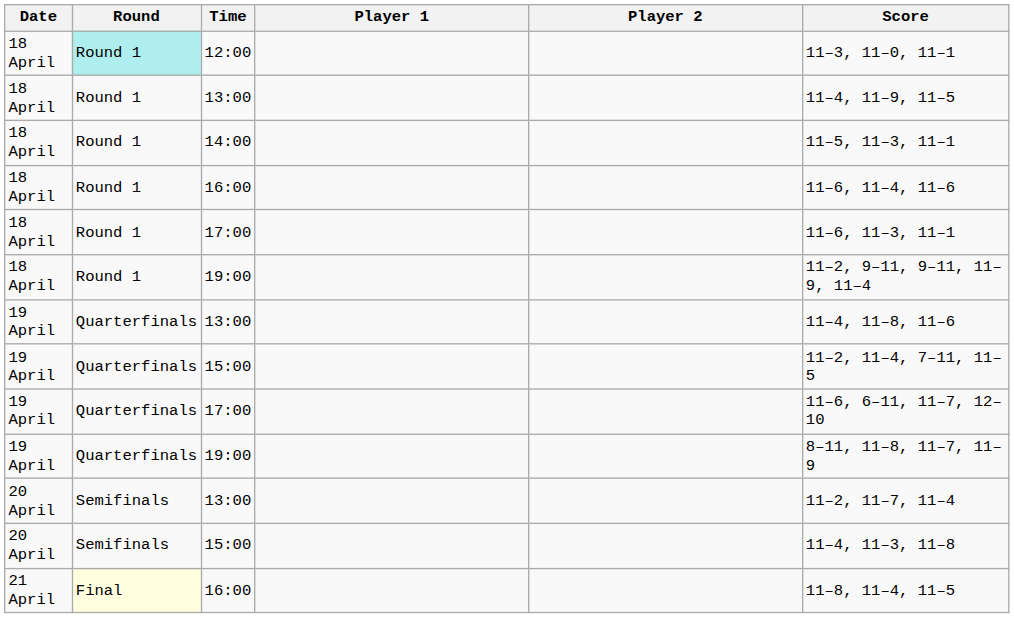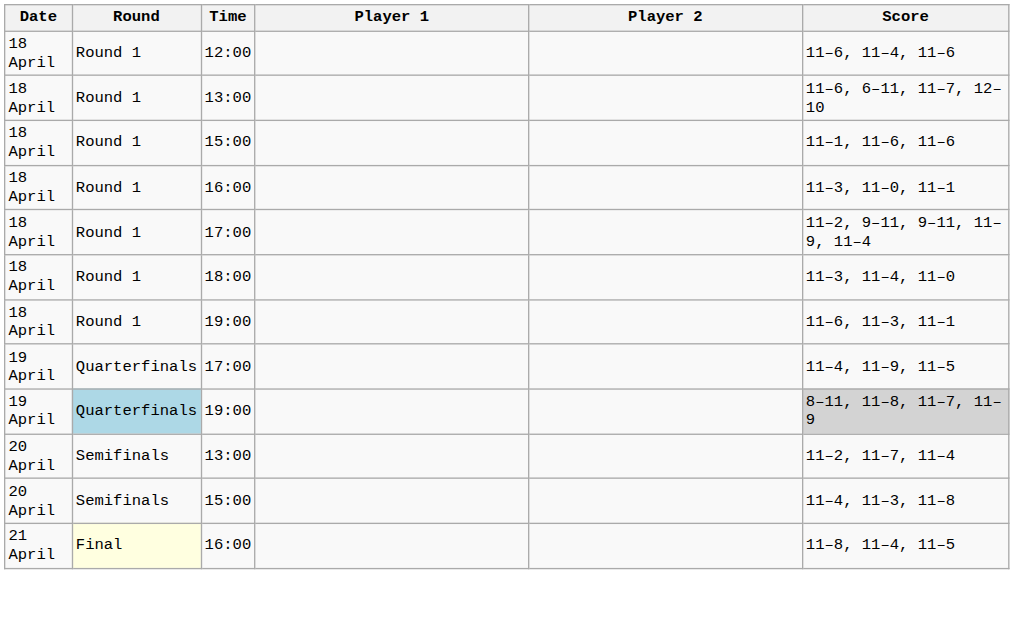 <table class="sortable wikitable" style="font-size:90%">
 <tr>
 <th width="45" class="unsortable">Date</th>
 <th width="55">Round</th>
 <th width="30">Time</th>
 <th width="200">Player 1</th>
 <th width="200">Player 2</th>
 <th width="150" class="unsortable">Score</th>
 </tr>
 <tr>
 <td>18 April</td>
-<td style="background: paleturquoise;">Round 1</td>
+<td>Round 1</td>
 <td>12:00</td>
+<td><strong></strong></td>
+<td></td>
+<td>11–6, 11–4, 11–6</td>
+</tr>
+<tr>
+<td>18 April</td>
+<td>Round 1</td>
+<td>13:00</td>
+<td></td>
+<td><strong></strong></td>
+<td>11–6, 6–11, 11–7, 12–10</td>
+</tr>
+<tr>
+<td>18 April</td>
+<td>Round 1</td>
+<td>15:00</td>
+<td></td>
+<td><strong></strong></td>
+<td>11–1, 11–6, 11–6</td>
+</tr>
+<tr>
+<td>18 April</td>
+<td>Round 1</td>
+<td>16:00</td>
 <td><strong></strong></td>
 <td></td>
 <td>11–3, 11–0, 11–1</td>
 </tr>
 <tr>
 <td>18 April</td>
 <td>Round 1</td>
-<td>13:00</td>
+<td>17:00</td>
 <td></td>
 <td><strong></strong></td>
-<td>11–4, 11–9, 11–5</td>
+<td>11–2, 9–11, 9–11, 11–9, 11–4</td>
 </tr>
 <tr>
 <td>18 April</td>
 <td>Round 1</td>
-<td>14:00</td>
+<td>18:00</td>
 <td></td>
 <td><strong></strong></td>
-<td>11–5, 11–3, 11–1</td>
-</tr>
-<tr>
-<td>18 April</td>
-<td>Round 1</td>
-<td>16:00</td>
-<td><strong></strong></td>
-<td></td>
-<td>11–6, 11–4, 11–6</td>
-</tr>
-<tr>
-<td>18 April</td>
-<td>Round 1</td>
-<td>17:00</td>
-<td></td>
-<td><strong></strong></td>
-<td>11–6, 11–3, 11–1</td>
+<td>11–3, 11–4, 11–0</td>
 </tr>
 <tr>
 <td>18 April</td>
 <td>Round 1</td>
 <td>19:00</td>
 <td></td>
 <td><strong></strong></td>
-<td>11–2, 9–11, 9–11, 11–9, 11–4</td>
-</tr>
-<tr>
-<td>19 April</td>
-<td>Quarterfinals</td>
-<td>13:00</td>
-<td><strong></strong></td>
-<td></td>
-<td>11–4, 11–8, 11–6</td>
-</tr>
-<tr>
-<td>19 April</td>
-<td>Quarterfinals</td>
-<td>15:00</td>
-<td></td>
-<td><strong></strong></td>
-<td>11–2, 11–4, 7–11, 11–5</td>
+<td>11–6, 11–3, 11–1</td>
 </tr>
 <tr>
 <td>19 April</td>
 <td>Quarterfinals</td>
 <td>17:00</td>
 <td><strong></strong></td>
 <td></td>
-<td>11–6, 6–11, 11–7, 12–10</td>
+<td>11–4, 11–9, 11–5</td>
 </tr>
 <tr>
 <td>19 April</td>
-<td>Quarterfinals</td>
+<td style="background: lightblue;">Quarterfinals</td>
 <td>19:00</td>
 <td><strong></strong></td>
 <td></td>
-<td>8–11, 11–8, 11–7, 11–9</td>
+<td style="background: lightgrey;">8–11, 11–8, 11–7, 11–9</td>
 </tr>
 <tr>
 <td>20 April</td>
 <td>Semifinals</td>
 <td>13:00</td>
 <td><strong></strong></td>
 <td></td>
 <td>11–2, 11–7, 11–4</td>
 </tr>
 <tr>
 <td>20 April</td>
 <td>Semifinals</td>
 <td>15:00</td>
 <td></td>
 <td><strong></strong></td>
 <td>11–4, 11–3, 11–8</td>
 </tr>
 <tr>
 <td>21 April</td>
 <td style="background: lightyellow;">Final</td>
 <td>16:00</td>
 <td><strong></strong></td>
 <td></td>
 <td>11–8, 11–4, 11–5</td>
 </tr>
 </table>
